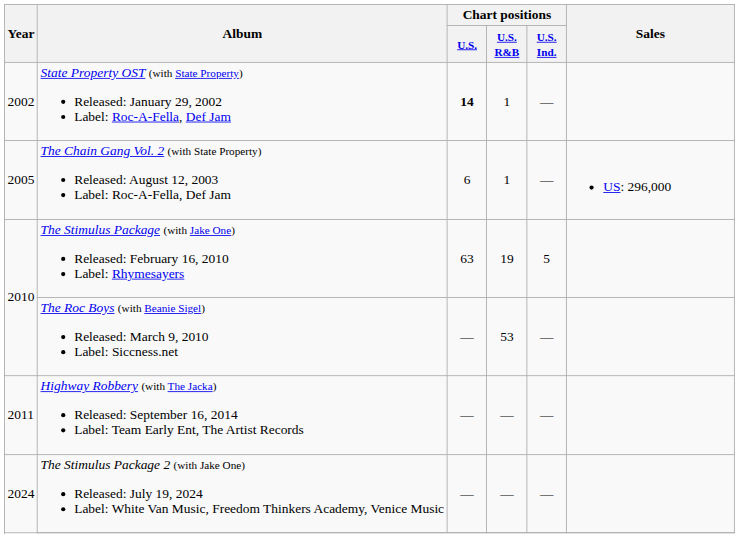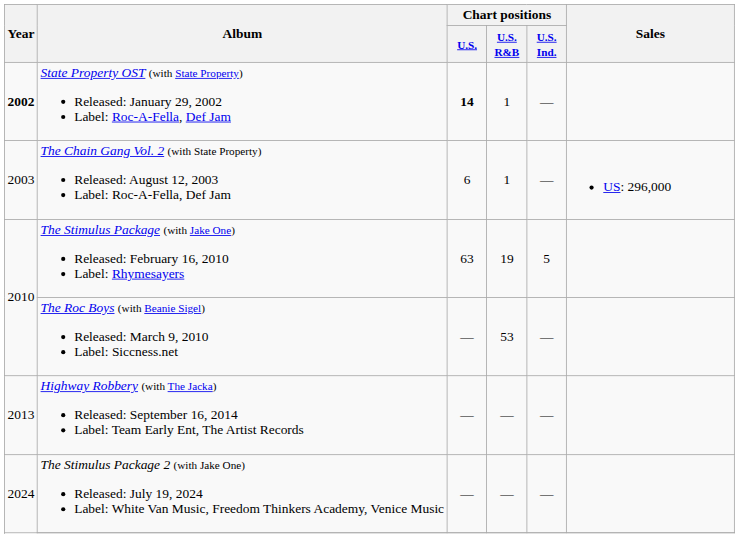 <table class="wikitable">
 <tr>
 <th rowspan="2">Year</th>
 <th rowspan="2">Album</th>
 <th colspan="3">Chart positions</th>
 <th scope="col" rowspan="2" style="width:12em;">Sales</th>
 </tr>
 <tr>
 <th style="text-align:center; width:40px;"><small><a href='#'>U.S.</a></small></th>
 <th style="text-align:center; width:40px;"><small><a href='#'>U.S. R&B</a></small></th>
 <th style="text-align:center; width:40px;"><small><a href='#'>U.S. Ind.</a></small></th>
 </tr>
 <tr>
-<td>2002</td>
+<td><strong>2002</strong></td>
 <td><em><a href='#'>State Property OST</a></em> <small>(with <a href='#'>State Property</a>)</small><br><ul><li>Released: January 29, 2002</li><li>Label: <a href='#'>Roc-A-Fella</a>, <a href='#'>Def Jam</a></li></ul></td>
 <td style="text-align:center;"><strong>14</strong></td>
 <td style="text-align:center;">1</td>
 <td style="text-align:center;">—</td>
 <td></td>
 </tr>
 <tr>
-<td>2005</td>
+<td>2003</td>
 <td><em><a href='#'>The Chain Gang Vol. 2</a></em> <small>(with State Property)</small><br><ul><li>Released: August 12, 2003</li><li>Label: Roc-A-Fella, Def Jam</li></ul></td>
 <td style="text-align:center;">6</td>
 <td style="text-align:center;">1</td>
 <td style="text-align:center;">—</td>
 <td><br><ul><li><a href='#'>US</a>: 296,000</li></ul></td>
 </tr>
 <tr>
 <td style="text-align:center;" rowspan="2">2010</td>
 <td><em><a href='#'>The Stimulus Package</a></em> <small>(with <a href='#'>Jake One</a>)</small><br><ul><li>Released: February 16, 2010</li><li>Label: <a href='#'>Rhymesayers</a></li></ul></td>
 <td style="text-align:center;">63</td>
 <td style="text-align:center;">19</td>
 <td style="text-align:center;">5</td>
 <td></td>
 </tr>
 <tr>
 <td><em><a href='#'>The Roc Boys</a></em> <small>(with <a href='#'>Beanie Sigel</a>)</small><br><ul><li>Released: March 9, 2010</li><li>Label: Siccness.net</li></ul></td>
 <td style="text-align:center;">—</td>
 <td style="text-align:center;">53</td>
 <td style="text-align:center;">—</td>
 <td></td>
 </tr>
 <tr>
-<td>2011</td>
+<td>2013</td>
 <td><em><a href='#'>Highway Robbery</a></em> <small>(with <a href='#'>The Jacka</a>)</small><br><ul><li>Released: September 16, 2014</li><li>Label: Team Early Ent, The Artist Records</li></ul></td>
 <td style="text-align:center;">—</td>
 <td style="text-align:center;">—</td>
 <td style="text-align:center;">—</td>
 <td></td>
 </tr>
 <tr>
 <td style="text-align:center;" rowspan="2">2024</td>
 <td><em>The Stimulus Package 2</em> <small>(with Jake One)</small><br><ul><li>Released: July 19, 2024</li><li>Label: White Van Music, Freedom Thinkers Academy, Venice Music</li></ul></td>
 <td style="text-align:center;">—</td>
 <td style="text-align:center;">—</td>
 <td style="text-align:center;">—</td>
 <td></td>
 </tr>
 <tr>
 </tr>
 </table>
